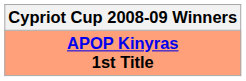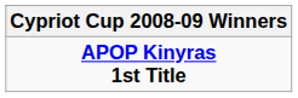 <table class="wikitable" style="text-align: center; margin: 0 auto;">
 <tr>
 <th>Cypriot Cup 2008-09 Winners</th>
 </tr>
 <tr>
-<td style="background: lightsalmon;"><strong><a href='#'>APOP Kinyras</a></strong><br><strong>1st Title</strong></td>
+<td><strong><a href='#'>APOP Kinyras</a></strong><br><strong>1st Title</strong></td>
 </tr>
 </table>
